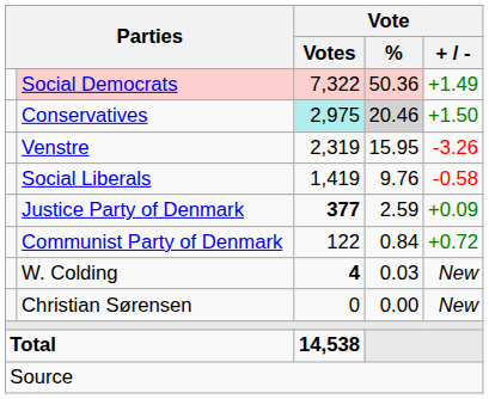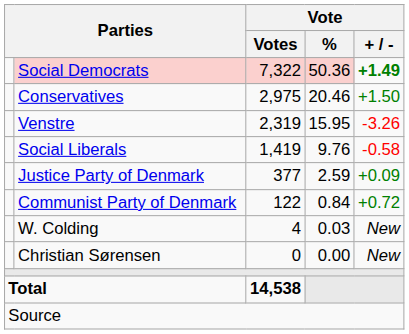 <table class="wikitable" style="text-align:right;">
 <tr>
 <th style="text-align:centre;" rowspan="2" colspan="2" width="225">Parties</th>
 <th colspan="3">Vote</th>
 </tr>
 <tr>
 <th width="15">Votes</th>
 <th width="15">%</th>
 <th width="15">+ / -</th>
 </tr>
 <tr>
 <td width="2" style="color:inherit;background:"></td>
 <td bgcolor=#fbd0ce  align="left"><a href='#'>Social Democrats</a></td>
 <td bgcolor=#fbd0ce>7,322</td>
 <td bgcolor=#fbd0ce>50.36</td>
-<td style=color:green;>+1.49</td>
+<td style=color:green;><strong>+1.49</strong></td>
 </tr>
 <tr>
 <td width="2" style="color:inherit;background:"></td>
 <td align="left"><a href='#'>Conservatives</a></td>
-<td style="background: paleturquoise;">2,975</td>
-<td style="background: lightgrey;">20.46</td>
+<td>2,975</td>
+<td>20.46</td>
 <td style=color:green;>+1.50</td>
 </tr>
 <tr>
 <td width="2" style="color:inherit;background:"></td>
 <td align="left"><a href='#'>Venstre</a></td>
 <td>2,319</td>
 <td>15.95</td>
 <td style=color:red;>-3.26</td>
 </tr>
 <tr>
 <td width="2" style="color:inherit;background:"></td>
 <td align="left"><a href='#'>Social Liberals</a></td>
 <td>1,419</td>
 <td>9.76</td>
 <td style=color:red;>-0.58</td>
 </tr>
 <tr>
 <td width="2" style="color:inherit;background:"></td>
 <td align="left"><a href='#'>Justice Party of Denmark</a></td>
-<td><strong>377</strong></td>
+<td>377</td>
 <td>2.59</td>
 <td style=color:green;>+0.09</td>
 </tr>
 <tr>
 <td width="2" style="color:inherit;background:"></td>
 <td align="left"><a href='#'>Communist Party of Denmark</a></td>
 <td>122</td>
 <td>0.84</td>
 <td style=color:green;>+0.72</td>
 </tr>
 <tr>
 <td width="2" style="color:inherit;background:"></td>
 <td align="left">W. Colding</td>
-<td><strong>4</strong></td>
+<td>4</td>
 <td>0.03</td>
 <td><em>New</em></td>
 </tr>
 <tr>
 <td width="2" style="color:inherit;background:"></td>
 <td align="left">Christian Sørensen</td>
 <td>0</td>
 <td>0.00</td>
 <td><em>New</em></td>
 </tr>
 <tr>
 <td colspan="7" bgcolor="#E9E9E9"></td>
 </tr>
 <tr>
 <td align="left" colspan="2"><strong>Total</strong></td>
 <td><strong>14,538</strong></td>
 <td bgcolor="#E9E9E9" colspan="2"></td>
 </tr>
 <tr>
 <td align="left" colspan="6">Source</td>
 </tr>
 </table>
